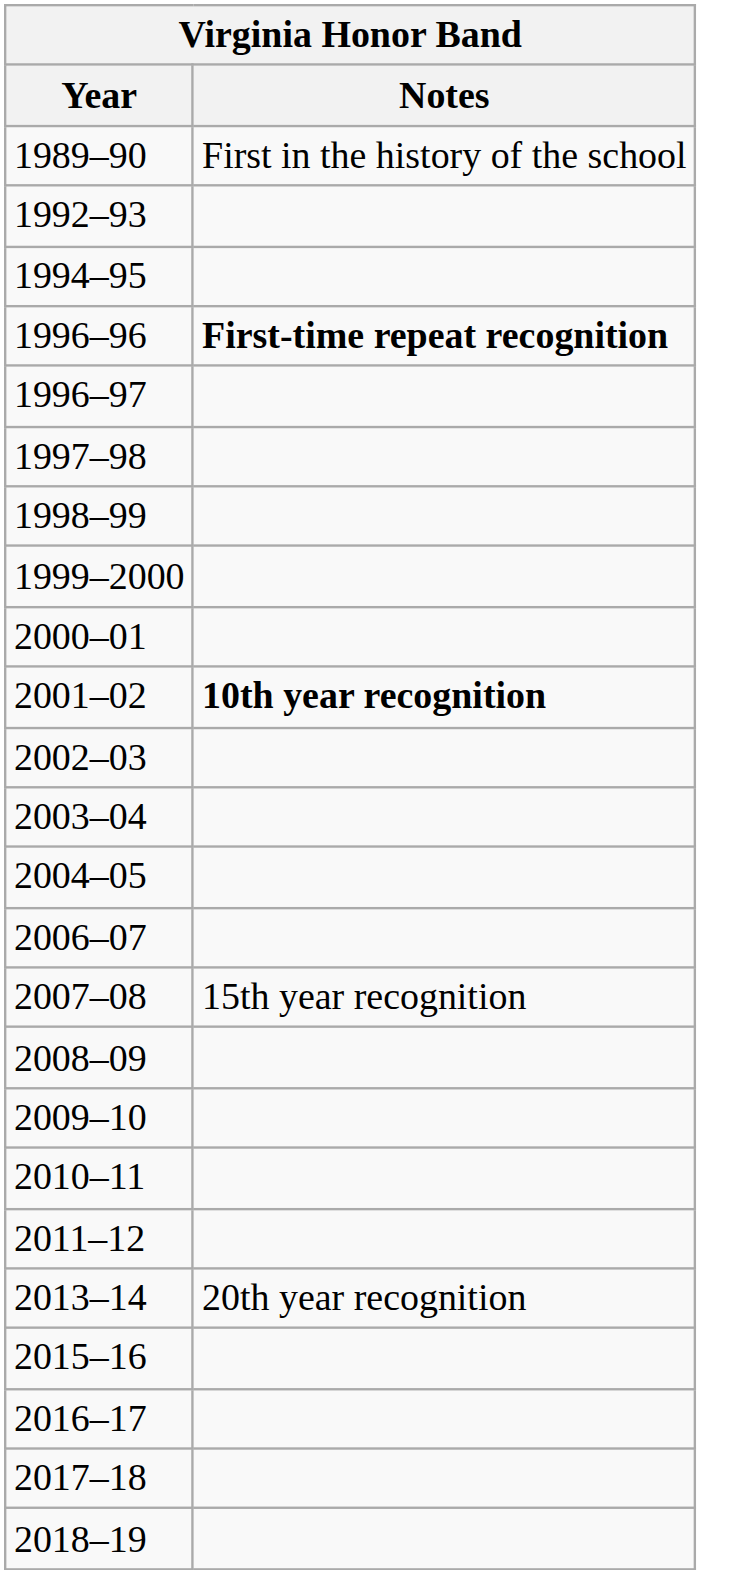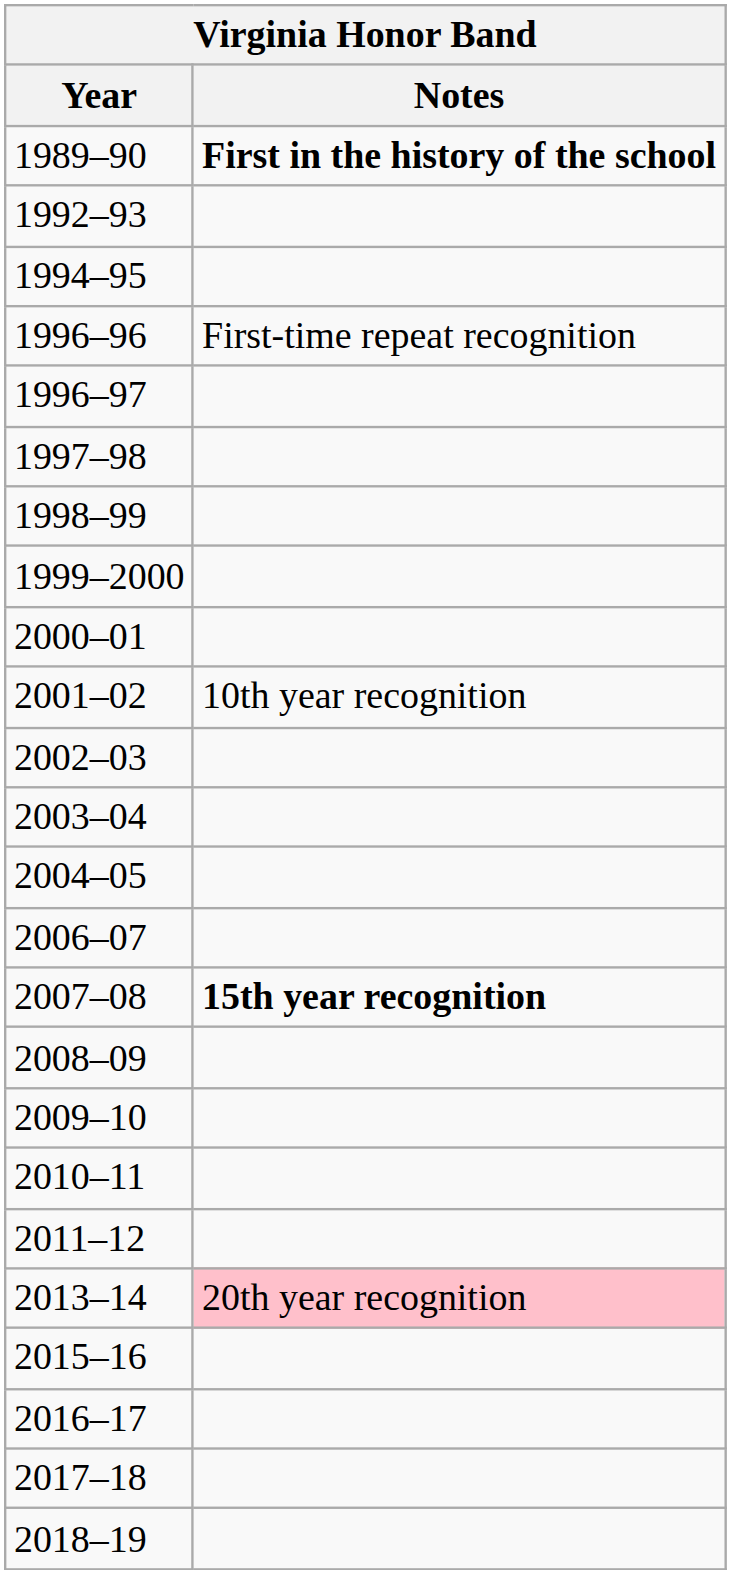 <table class="wikitable mw-collapsible mw-collapsed">
 <tr>
 <th colspan=4>Virginia Honor Band</th>
 </tr>
 <tr>
 <th>Year</th>
 <th>Notes</th>
 </tr>
 <tr>
 <td>1989–90</td>
-<td>First in the history of the school</td>
+<td><strong>First in the history of the school</strong></td>
 </tr>
 <tr>
 <td>1992–93</td>
 <td></td>
 </tr>
 <tr>
 <td>1994–95</td>
 <td></td>
 </tr>
 <tr>
 <td>1996–96</td>
-<td><strong>First-time repeat recognition</strong></td>
+<td>First-time repeat recognition</td>
 </tr>
 <tr>
 <td>1996–97</td>
 <td></td>
 </tr>
 <tr>
 <td>1997–98</td>
 <td></td>
 </tr>
 <tr>
 <td>1998–99</td>
 <td></td>
 </tr>
 <tr>
 <td>1999–2000</td>
 <td></td>
 </tr>
 <tr>
 <td>2000–01</td>
 <td></td>
 </tr>
 <tr>
 <td>2001–02</td>
-<td><strong>10th year recognition</strong></td>
+<td>10th year recognition</td>
 </tr>
 <tr>
 <td>2002–03</td>
 <td></td>
 </tr>
 <tr>
 <td>2003–04</td>
 <td></td>
 </tr>
 <tr>
 <td>2004–05</td>
 <td></td>
 </tr>
 <tr>
 <td>2006–07</td>
 <td></td>
 </tr>
 <tr>
 <td>2007–08</td>
-<td>15th year recognition</td>
+<td><strong>15th year recognition</strong></td>
 </tr>
 <tr>
 <td>2008–09</td>
 <td></td>
 </tr>
 <tr>
 <td>2009–10</td>
 <td></td>
 </tr>
 <tr>
 <td>2010–11</td>
 <td></td>
 </tr>
 <tr>
 <td>2011–12</td>
 <td></td>
 </tr>
 <tr>
 <td>2013–14</td>
-<td>20th year recognition</td>
+<td style="background: pink;">20th year recognition</td>
 </tr>
 <tr>
 <td>2015–16</td>
 <td></td>
 </tr>
 <tr>
 <td>2016–17</td>
 <td></td>
 </tr>
 <tr>
 <td>2017–18</td>
 <td></td>
 </tr>
 <tr>
 <td>2018–19</td>
 <td></td>
 </tr>
 </table>
